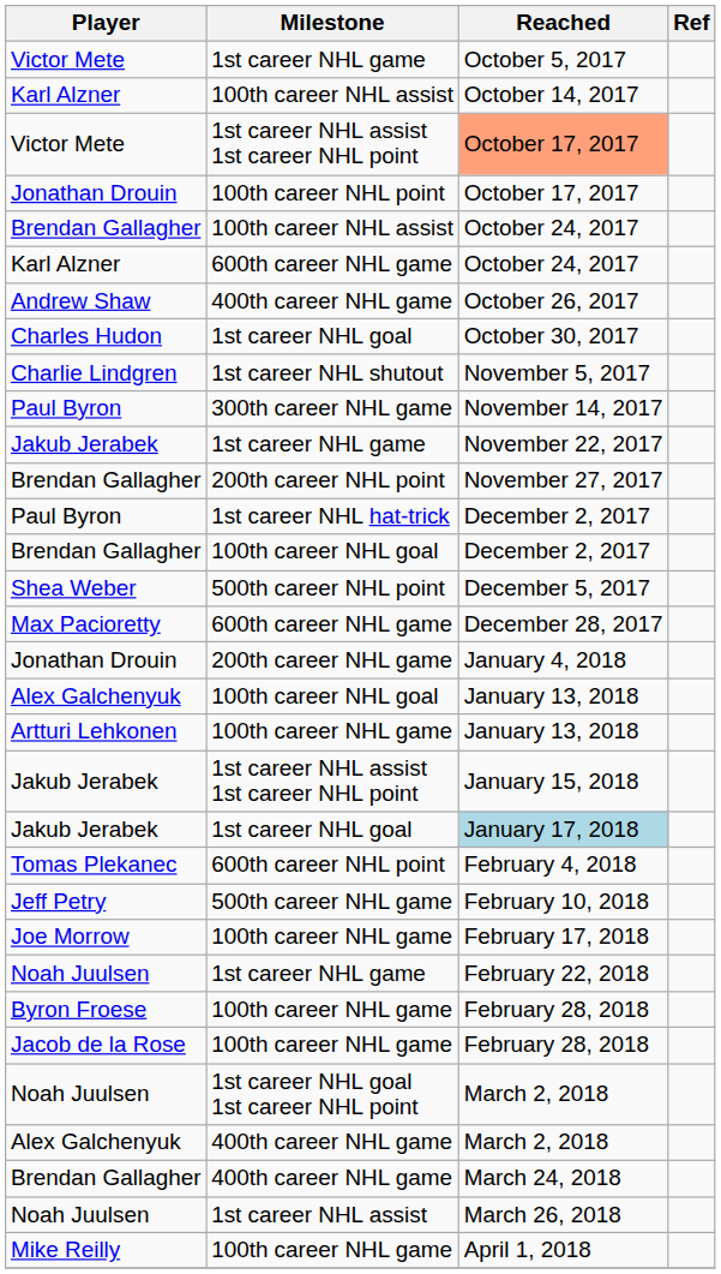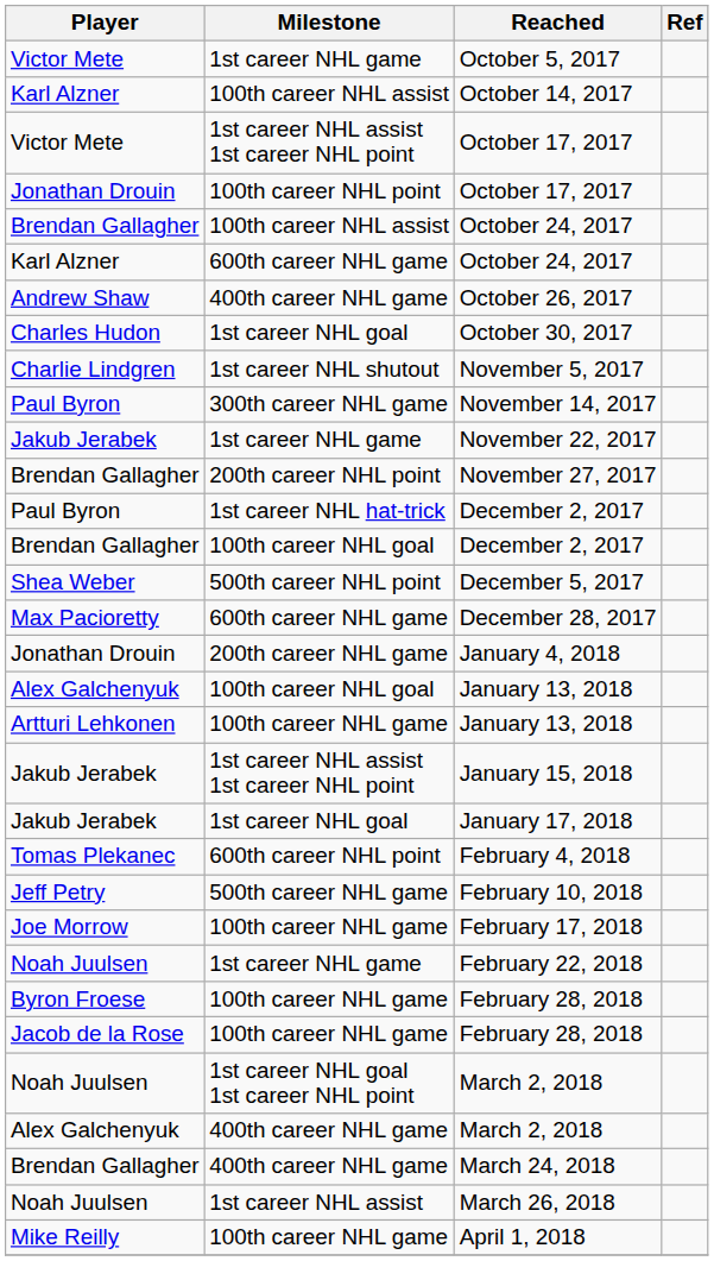 <table class="wikitable" style="width:auto;">
 <tr style="background:#ddd;">
 <th>Player</th>
 <th>Milestone</th>
 <th>Reached</th>
 <th>Ref</th>
 </tr>
 <tr>
 <td><a href='#'>Victor Mete</a></td>
 <td>1st career NHL game</td>
 <td>October 5, 2017</td>
 <td></td>
 </tr>
 <tr>
 <td><a href='#'>Karl Alzner</a></td>
 <td>100th career NHL assist</td>
 <td>October 14, 2017</td>
 <td></td>
 </tr>
 <tr>
 <td>Victor Mete</td>
 <td>1st career NHL assist<br>1st career NHL point</td>
-<td style="background: lightsalmon;">October 17, 2017</td>
+<td>October 17, 2017</td>
 <td></td>
 </tr>
 <tr>
 <td><a href='#'>Jonathan Drouin</a></td>
 <td>100th career NHL point</td>
 <td>October 17, 2017</td>
 <td></td>
 </tr>
 <tr>
 <td><a href='#'>Brendan Gallagher</a></td>
 <td>100th career NHL assist</td>
 <td>October 24, 2017</td>
 <td></td>
 </tr>
 <tr>
 <td>Karl Alzner</td>
 <td>600th career NHL game</td>
 <td>October 24, 2017</td>
 <td></td>
 </tr>
 <tr>
 <td><a href='#'>Andrew Shaw</a></td>
 <td>400th career NHL game</td>
 <td>October 26, 2017</td>
 <td></td>
 </tr>
 <tr>
 <td><a href='#'>Charles Hudon</a></td>
 <td>1st career NHL goal</td>
 <td>October 30, 2017</td>
 <td></td>
 </tr>
 <tr>
 <td><a href='#'>Charlie Lindgren</a></td>
 <td>1st career NHL shutout</td>
 <td>November 5, 2017</td>
 <td></td>
 </tr>
 <tr>
 <td><a href='#'>Paul Byron</a></td>
 <td>300th career NHL game</td>
 <td>November 14, 2017</td>
 <td></td>
 </tr>
 <tr>
 <td><a href='#'>Jakub Jerabek</a></td>
 <td>1st career NHL game</td>
 <td>November 22, 2017</td>
 <td></td>
 </tr>
 <tr>
 <td>Brendan Gallagher</td>
 <td>200th career NHL point</td>
 <td>November 27, 2017</td>
 <td></td>
 </tr>
 <tr>
 <td>Paul Byron</td>
 <td>1st career NHL <a href='#'>hat-trick</a></td>
 <td>December 2, 2017</td>
 <td></td>
 </tr>
 <tr>
 <td>Brendan Gallagher</td>
 <td>100th career NHL goal</td>
 <td>December 2, 2017</td>
 <td></td>
 </tr>
 <tr>
 <td><a href='#'>Shea Weber</a></td>
 <td>500th career NHL point</td>
 <td>December 5, 2017</td>
 <td></td>
 </tr>
 <tr>
 <td><a href='#'>Max Pacioretty</a></td>
 <td>600th career NHL game</td>
 <td>December 28, 2017</td>
 <td></td>
 </tr>
 <tr>
 <td>Jonathan Drouin</td>
 <td>200th career NHL game</td>
 <td>January 4, 2018</td>
 <td></td>
 </tr>
 <tr>
 <td><a href='#'>Alex Galchenyuk</a></td>
 <td>100th career NHL goal</td>
 <td>January 13, 2018</td>
 <td></td>
 </tr>
 <tr>
 <td><a href='#'>Artturi Lehkonen</a></td>
 <td>100th career NHL game</td>
 <td>January 13, 2018</td>
 <td></td>
 </tr>
 <tr>
 <td>Jakub Jerabek</td>
 <td>1st career NHL assist<br>1st career NHL point</td>
 <td>January 15, 2018</td>
 <td></td>
 </tr>
 <tr>
 <td>Jakub Jerabek</td>
 <td>1st career NHL goal</td>
-<td style="background: lightblue;">January 17, 2018</td>
+<td>January 17, 2018</td>
 <td></td>
 </tr>
 <tr>
 <td><a href='#'>Tomas Plekanec</a></td>
 <td>600th career NHL point</td>
 <td>February 4, 2018</td>
 <td></td>
 </tr>
 <tr>
 <td><a href='#'>Jeff Petry</a></td>
 <td>500th career NHL game</td>
 <td>February 10, 2018</td>
 <td></td>
 </tr>
 <tr>
 <td><a href='#'>Joe Morrow</a></td>
 <td>100th career NHL game</td>
 <td>February 17, 2018</td>
 <td></td>
 </tr>
 <tr>
 <td><a href='#'>Noah Juulsen</a></td>
 <td>1st career NHL game</td>
 <td>February 22, 2018</td>
 <td></td>
 </tr>
 <tr>
 <td><a href='#'>Byron Froese</a></td>
 <td>100th career NHL game</td>
 <td>February 28, 2018</td>
 <td></td>
 </tr>
 <tr>
 <td><a href='#'>Jacob de la Rose</a></td>
 <td>100th career NHL game</td>
 <td>February 28, 2018</td>
 <td></td>
 </tr>
 <tr>
 <td>Noah Juulsen</td>
 <td>1st career NHL goal<br>1st career NHL point</td>
 <td>March 2, 2018</td>
 <td></td>
 </tr>
 <tr>
 <td>Alex Galchenyuk</td>
 <td>400th career NHL game</td>
 <td>March 2, 2018</td>
 <td></td>
 </tr>
 <tr>
 <td>Brendan Gallagher</td>
 <td>400th career NHL game</td>
 <td>March 24, 2018</td>
 <td></td>
 </tr>
 <tr>
 <td>Noah Juulsen</td>
 <td>1st career NHL assist</td>
 <td>March 26, 2018</td>
 <td></td>
 </tr>
 <tr>
 <td><a href='#'>Mike Reilly</a></td>
 <td>100th career NHL game</td>
 <td>April 1, 2018</td>
 <td></td>
 </tr>
 <tr>
 </tr>
 </table>
